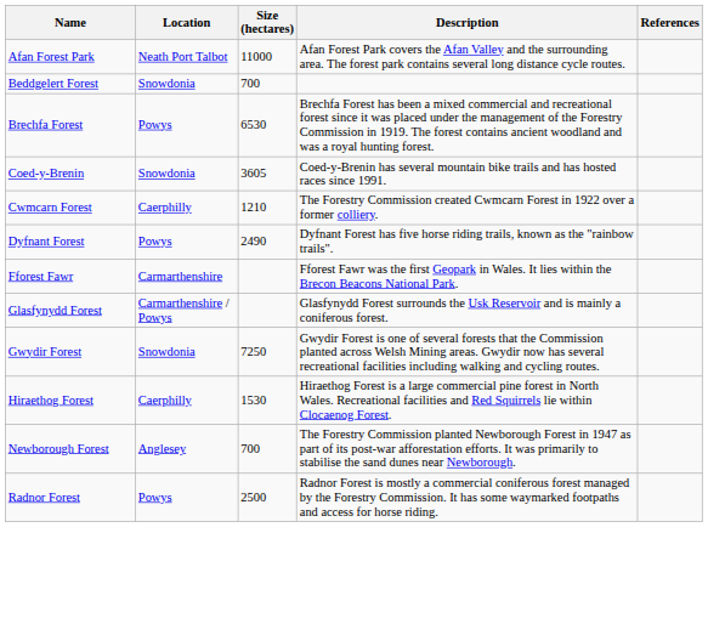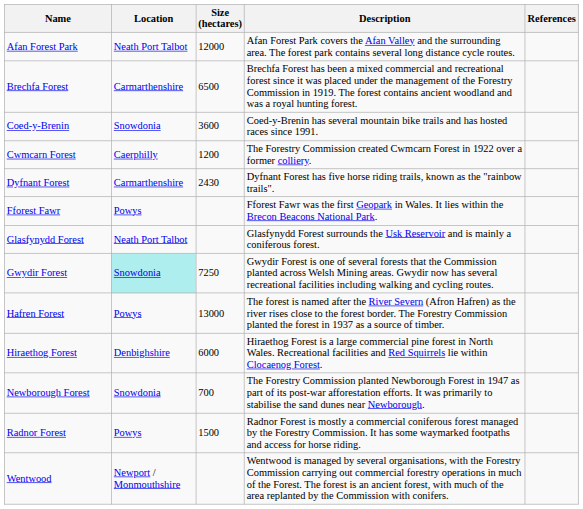 <table class="wikitable sortable" style="width:100%">
 <tr>
 <th scope="col" width="20%">Name</th>
 <th scope="col" width="15%">Location</th>
 <th scope="col" width="5%">Size (hectares)</th>
 <th scope="col" width="55%">Description</th>
 <th scope="col" width="5%">References</th>
 </tr>
 <tr>
 <td><a href='#'>Afan Forest Park</a></td>
 <td><a href='#'>Neath Port Talbot</a></td>
-<td>11000</td>
+<td>12000</td>
 <td>Afan Forest Park covers the <a href='#'>Afan Valley</a> and the surrounding area. The forest park contains several long distance cycle routes.</td>
 <td></td>
 </tr>
 <tr>
-<td><a href='#'>Beddgelert Forest</a></td>
-<td><a href='#'>Snowdonia</a></td>
-<td>700</td>
-<td></td>
-<td></td>
-</tr>
-<tr>
 <td><a href='#'>Brechfa Forest</a></td>
-<td><a href='#'>Powys</a></td>
-<td>6530</td>
+<td><a href='#'>Carmarthenshire</a></td>
+<td>6500</td>
 <td>Brechfa Forest has been a mixed commercial and recreational forest since it was placed under the management of the Forestry Commission in 1919. The forest contains ancient woodland and was a royal hunting forest.</td>
 <td></td>
 </tr>
 <tr>
 <td><a href='#'>Coed-y-Brenin</a></td>
 <td><a href='#'>Snowdonia</a></td>
-<td>3605</td>
+<td>3600</td>
 <td>Coed-y-Brenin has several mountain bike trails and has hosted races since 1991.</td>
 <td></td>
 </tr>
 <tr>
 <td><a href='#'>Cwmcarn Forest</a></td>
 <td><a href='#'>Caerphilly</a></td>
-<td>1210</td>
+<td>1200</td>
 <td>The Forestry Commission created Cwmcarn Forest in 1922 over a former <a href='#'>colliery</a>.</td>
 <td></td>
 </tr>
 <tr>
 <td><a href='#'>Dyfnant Forest</a></td>
-<td><a href='#'>Powys</a></td>
-<td>2490</td>
+<td><a href='#'>Carmarthenshire</a></td>
+<td>2430</td>
 <td>Dyfnant Forest has five horse riding trails, known as the "rainbow trails".</td>
 <td></td>
 </tr>
 <tr>
 <td><a href='#'>Fforest Fawr</a></td>
-<td><a href='#'>Carmarthenshire</a></td>
+<td><a href='#'>Powys</a></td>
 <td></td>
 <td>Fforest Fawr was the first <a href='#'>Geopark</a> in Wales. It lies within the <a href='#'>Brecon Beacons National Park</a>.</td>
 <td></td>
 </tr>
 <tr>
 <td><a href='#'>Glasfynydd Forest</a></td>
-<td><a href='#'>Carmarthenshire</a> / <a href='#'>Powys</a></td>
+<td><a href='#'>Neath Port Talbot</a></td>
 <td></td>
 <td>Glasfynydd Forest surrounds the <a href='#'>Usk Reservoir</a> and is mainly a coniferous forest.</td>
 <td></td>
 </tr>
 <tr>
 <td><a href='#'>Gwydir Forest</a></td>
-<td><a href='#'>Snowdonia</a></td>
+<td style="background: paleturquoise;"><a href='#'>Snowdonia</a></td>
 <td>7250</td>
 <td>Gwydir Forest is one of several forests that the Commission planted across Welsh Mining areas. Gwydir now has several recreational facilities including walking and cycling routes.</td>
 <td></td>
 </tr>
 <tr>
+<td><a href='#'>Hafren Forest</a></td>
+<td><a href='#'>Powys</a></td>
+<td>13000</td>
+<td>The forest is named after the <a href='#'>River Severn</a> (Afron Hafren) as the river rises close to the forest border. The Forestry Commission planted the forest in 1937 as a source of timber.</td>
+<td></td>
+</tr>
+<tr>
 <td><a href='#'>Hiraethog Forest</a></td>
-<td><a href='#'>Caerphilly</a></td>
-<td>1530</td>
+<td><a href='#'>Denbighshire</a></td>
+<td>6000</td>
 <td>Hiraethog Forest is a large commercial pine forest in North Wales. Recreational facilities and <a href='#'>Red Squirrels</a> lie within <a href='#'>Clocaenog Forest</a>.</td>
 <td></td>
 </tr>
 <tr>
 <td><a href='#'>Newborough Forest</a></td>
-<td><a href='#'>Anglesey</a></td>
+<td><a href='#'>Snowdonia</a></td>
 <td>700</td>
 <td>The Forestry Commission planted Newborough Forest in 1947 as part of its post-war afforestation efforts. It was primarily to stabilise the sand dunes near <a href='#'>Newborough</a>.</td>
 <td></td>
 </tr>
 <tr>
 <td><a href='#'>Radnor Forest</a></td>
 <td><a href='#'>Powys</a></td>
-<td>2500</td>
+<td>1500</td>
 <td>Radnor Forest is mostly a commercial coniferous forest managed by the Forestry Commission. It has some waymarked footpaths and access for horse riding.</td>
 <td></td>
 </tr>
+<tr>
+<td><a href='#'>Wentwood</a></td>
+<td><a href='#'>Newport</a> / <a href='#'>Monmouthshire</a></td>
+<td></td>
+<td>Wentwood is managed by several organisations, with the Forestry Commission carrying out commercial forestry operations in much of the Forest. The forest is an ancient forest, with much of the area replanted by the Commission with conifers.</td>
+<td></td>
+</tr>
 </table>
